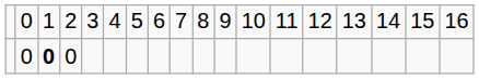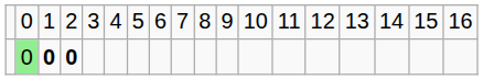 <table class="wikitable" style="text-align: center; margin: auto;">
 <tr>
 <td></td>
 <td>0</td>
 <td>1</td>
 <td>2</td>
 <td>3</td>
 <td>4</td>
 <td>5</td>
 <td>6</td>
 <td>7</td>
 <td>8</td>
 <td>9</td>
 <td>10</td>
 <td>11</td>
 <td>12</td>
 <td>13</td>
 <td>14</td>
 <td>15</td>
 <td>16</td>
 </tr>
 <tr>
 <td></td>
-<td>0</td>
+<td style="background: lightgreen;">0</td>
 <td><strong>0</strong></td>
-<td>0</td>
+<td><strong>0</strong></td>
 <td></td>
 <td></td>
 <td></td>
 <td></td>
 <td></td>
 <td></td>
 <td></td>
 <td></td>
 <td></td>
 <td></td>
 <td></td>
 <td></td>
 <td></td>
 <td></td>
 </tr>
 </table>
